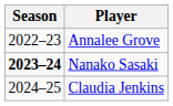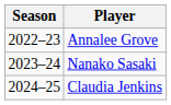 <table class="wikitable">
 <tr>
 <th>Season</th>
 <th>Player</th>
 </tr>
 <tr>
 <td>2022–23</td>
 <td> <a href='#'>Annalee Grove</a></td>
 </tr>
 <tr>
-<td><strong>2023–24</strong></td>
+<td>2023–24</td>
 <td> <a href='#'>Nanako Sasaki</a></td>
 </tr>
 <tr>
 <td>2024–25</td>
 <td> <a href='#'>Claudia Jenkins</a></td>
 </tr>
 </table>
